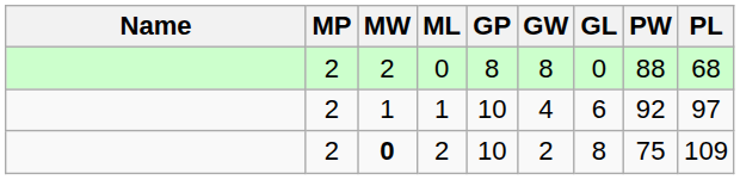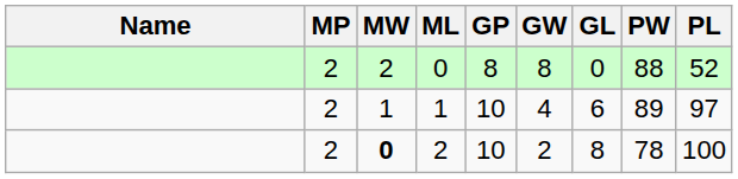 <table class=wikitable style="text-align:center">
 <tr>
 <th width=175>Name</th>
 <th width=20>MP</th>
 <th width=20>MW</th>
 <th width=20>ML</th>
 <th width=20>GP</th>
 <th width=20>GW</th>
 <th width=20>GL</th>
 <th width=20>PW</th>
 <th width=20>PL</th>
 </tr>
 <tr style="background-color:#ccffcc;">
 <td style="text-align:left;"><strong></strong></td>
 <td>2</td>
 <td>2</td>
 <td>0</td>
 <td>8</td>
 <td>8</td>
 <td>0</td>
 <td>88</td>
-<td>68</td>
+<td>52</td>
 </tr>
 <tr>
 <td style="text-align:left;"></td>
 <td>2</td>
 <td>1</td>
 <td>1</td>
 <td>10</td>
 <td>4</td>
 <td>6</td>
-<td>92</td>
+<td>89</td>
 <td>97</td>
 </tr>
 <tr>
 <td style="text-align:left;"></td>
 <td>2</td>
 <td><strong>0</strong></td>
 <td>2</td>
 <td>10</td>
 <td>2</td>
 <td>8</td>
-<td>75</td>
-<td>109</td>
+<td>78</td>
+<td>100</td>
 </tr>
 </table>
